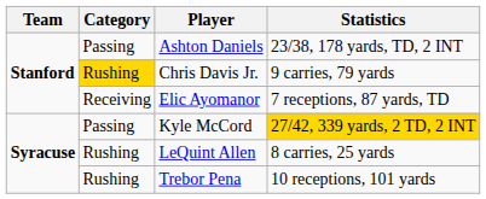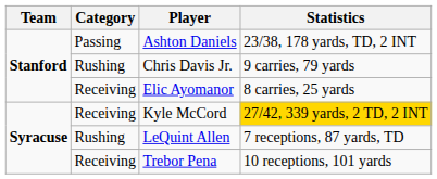 <table class="wikitable" style="float: right;">
 <tr>
 <th>Team</th>
 <th>Category</th>
 <th>Player</th>
 <th>Statistics</th>
 </tr>
 <tr>
 <td rowspan=3><strong>Stanford</strong></td>
 <td>Passing</td>
 <td><a href='#'>Ashton Daniels</a></td>
 <td>23/38, 178 yards, TD, 2 INT</td>
 </tr>
 <tr>
-<td style="background: gold;">Rushing</td>
+<td>Rushing</td>
 <td>Chris Davis Jr.</td>
 <td>9 carries, 79 yards</td>
 </tr>
 <tr>
 <td>Receiving</td>
 <td><a href='#'>Elic Ayomanor</a></td>
-<td>7 receptions, 87 yards, TD</td>
+<td>8 carries, 25 yards</td>
 </tr>
 <tr>
 <td rowspan=3><strong>Syracuse</strong></td>
-<td>Passing</td>
+<td>Receiving</td>
 <td>Kyle McCord</td>
 <td style="background: gold;">27/42, 339 yards, 2 TD, 2 INT</td>
 </tr>
 <tr>
 <td>Rushing</td>
 <td><a href='#'>LeQuint Allen</a></td>
-<td>8 carries, 25 yards</td>
+<td>7 receptions, 87 yards, TD</td>
 </tr>
 <tr>
-<td>Rushing</td>
+<td>Receiving</td>
 <td><a href='#'>Trebor Pena</a></td>
 <td>10 receptions, 101 yards</td>
 </tr>
 </table>
